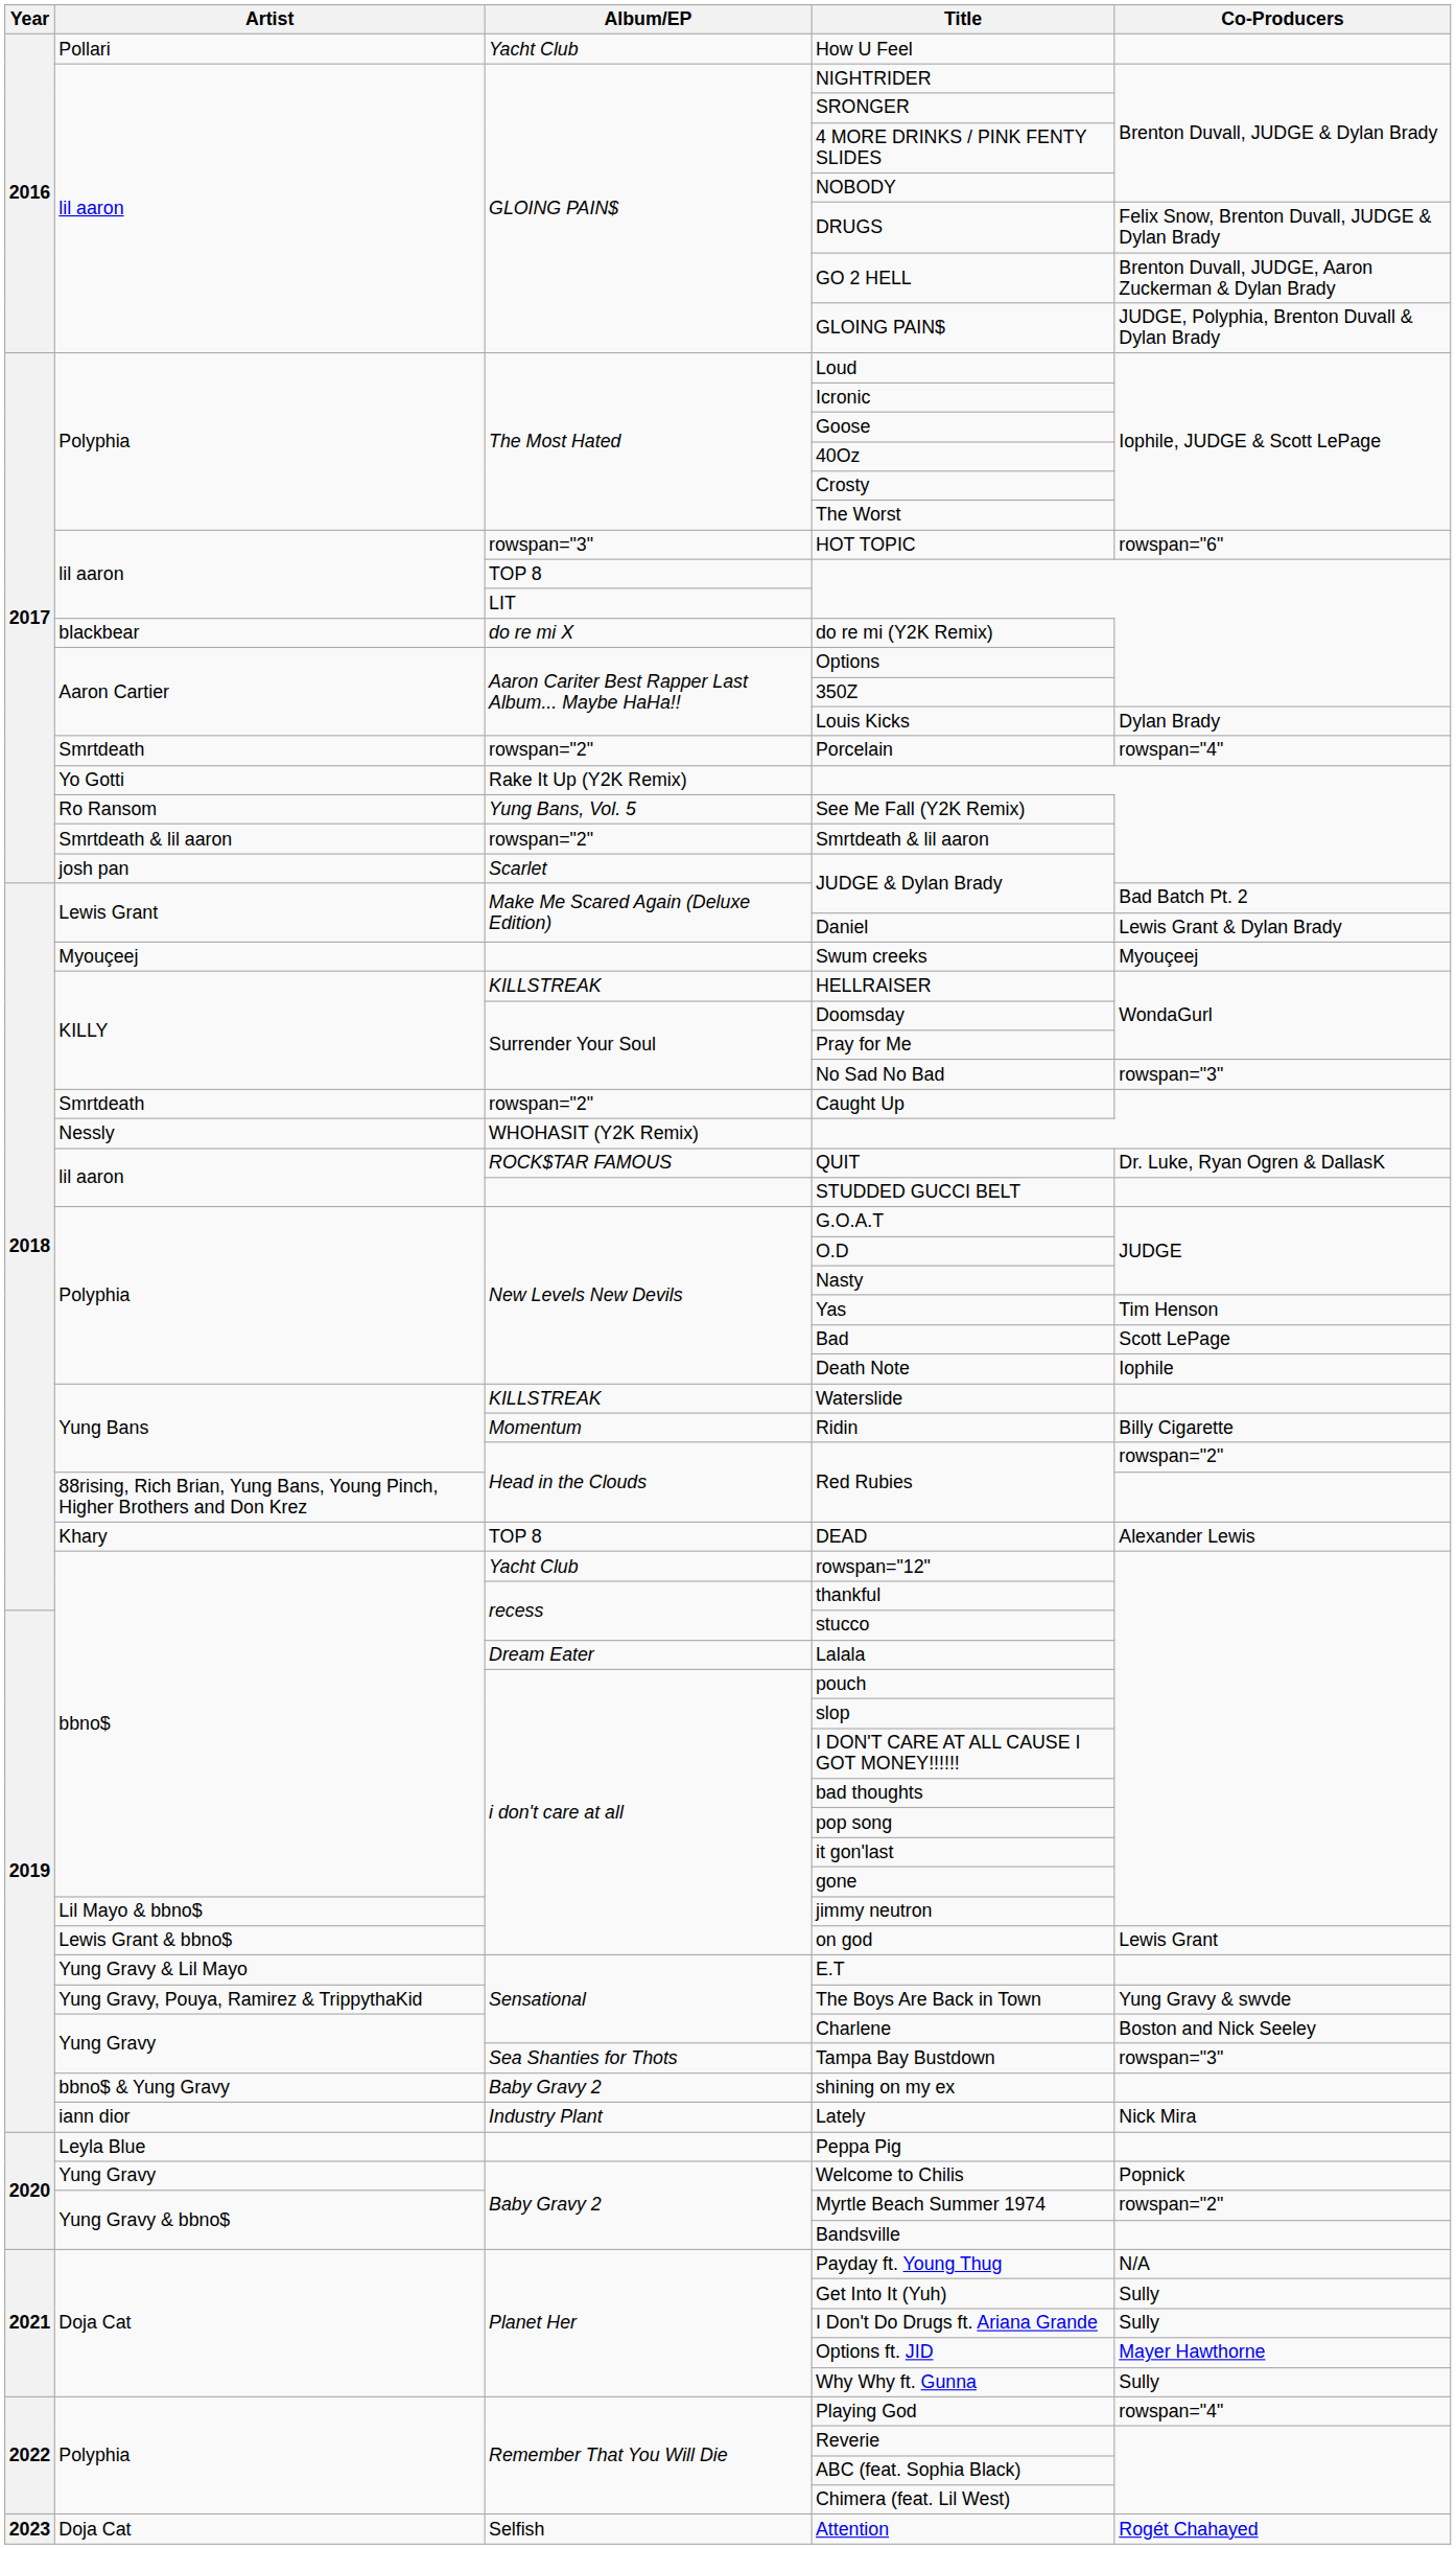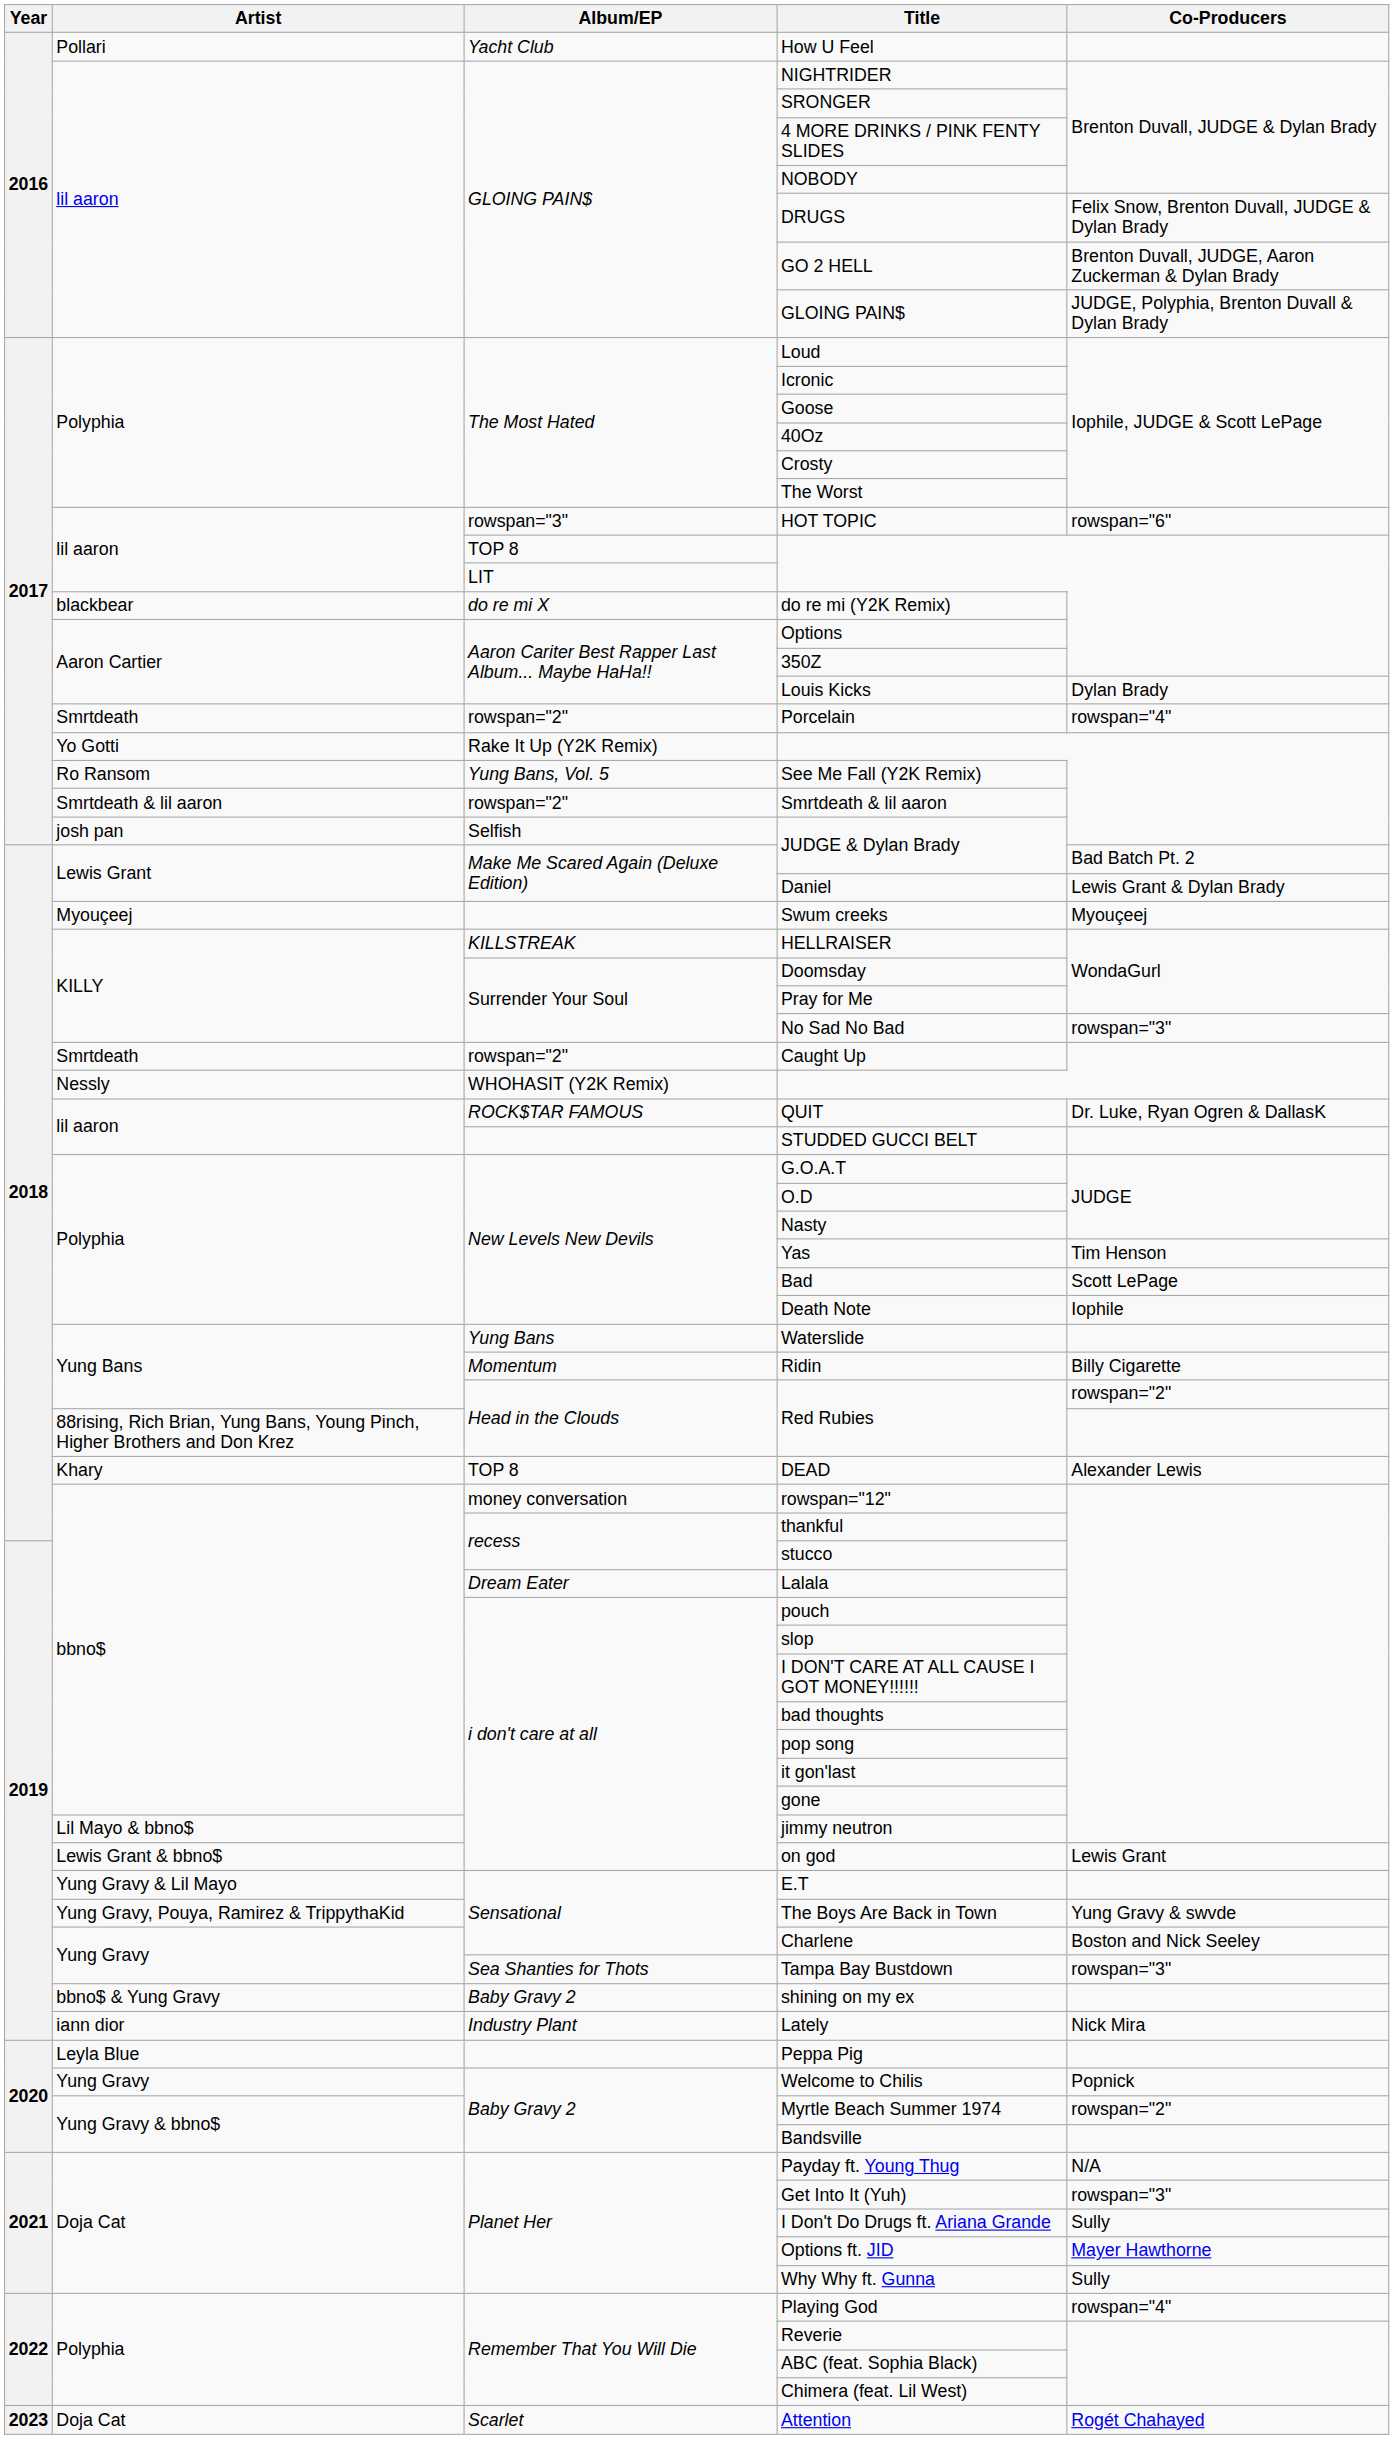 <table class="wikitable plainrowheaders">
 <tr>
 <th>Year</th>
 <th>Artist</th>
 <th>Album/EP</th>
 <th>Title</th>
 <th>Co-Producers</th>
 </tr>
 <tr>
 <th rowspan="8" scope="row">2016</th>
 <td>Pollari</td>
 <td><em>Yacht Club</em></td>
 <td>How U Feel</td>
 <td></td>
 </tr>
 <tr>
 <td rowspan="7"><a href='#'>lil aaron</a></td>
 <td rowspan="7"><em>GLOING PAIN$</em></td>
 <td>NIGHTRIDER</td>
 <td rowspan="4">Brenton Duvall, JUDGE & Dylan Brady</td>
 </tr>
 <tr>
 <td>SRONGER</td>
 </tr>
 <tr>
 <td>4 MORE DRINKS / PINK FENTY SLIDES</td>
 </tr>
 <tr>
 <td>NOBODY</td>
 </tr>
 <tr>
 <td>DRUGS</td>
 <td>Felix Snow, Brenton Duvall, JUDGE & Dylan Brady</td>
 </tr>
 <tr>
 <td>GO 2 HELL</td>
 <td>Brenton Duvall, JUDGE, Aaron Zuckerman & Dylan Brady</td>
 </tr>
 <tr>
 <td>GLOING PAIN$</td>
 <td>JUDGE, Polyphia, Brenton Duvall & Dylan Brady</td>
 </tr>
 <tr>
 <th rowspan="18" scope="row">2017</th>
 <td rowspan="6">Polyphia</td>
 <td rowspan="6"><em>The Most Hated</em></td>
 <td>Loud</td>
 <td rowspan="6">Iophile, JUDGE & Scott LePage</td>
 </tr>
 <tr>
 <td>Icronic</td>
 </tr>
 <tr>
 <td>Goose</td>
 </tr>
 <tr>
 <td>40Oz</td>
 </tr>
 <tr>
 <td>Crosty</td>
 </tr>
 <tr>
 <td>The Worst</td>
 </tr>
 <tr>
 <td rowspan="3">lil aaron</td>
 <td>rowspan="3" </td>
 <td>HOT TOPIC</td>
 <td>rowspan="6" </td>
 </tr>
 <tr>
 <td>TOP 8</td>
 </tr>
 <tr>
 <td>LIT</td>
 </tr>
 <tr>
 <td>blackbear</td>
 <td><em>do re mi X</em></td>
 <td>do re mi (Y2K Remix)</td>
 </tr>
 <tr>
 <td rowspan="3">Aaron Cartier</td>
 <td rowspan="3"><em>Aaron Cariter Best Rapper Last Album... Maybe HaHa!!</em></td>
 <td>Options</td>
 </tr>
 <tr>
 <td>350Z</td>
 </tr>
 <tr>
 <td>Louis Kicks</td>
 <td>Dylan Brady</td>
 </tr>
 <tr>
 <td>Smrtdeath</td>
 <td>rowspan="2" </td>
 <td>Porcelain</td>
 <td>rowspan="4" </td>
 </tr>
 <tr>
 <td>Yo Gotti</td>
 <td>Rake It Up (Y2K Remix)</td>
 </tr>
 <tr>
 <td>Ro Ransom</td>
 <td><em>Yung Bans, Vol. 5</em></td>
 <td>See Me Fall (Y2K Remix)</td>
 </tr>
 <tr>
 <td>Smrtdeath & lil aaron</td>
 <td>rowspan="2" </td>
 <td>Smrtdeath & lil aaron</td>
 </tr>
 <tr>
 <td>josh pan</td>
-<td><em>Scarlet</em></td>
+<td>Selfish</td>
 <td rowspan="2">JUDGE & Dylan Brady</td>
 </tr>
 <tr>
 <th rowspan="24" scope="row">2018</th>
 <td rowspan="2">Lewis Grant</td>
 <td rowspan="2"><em>Make Me Scared Again (Deluxe Edition)</em></td>
 <td>Bad Batch Pt. 2</td>
 </tr>
 <tr>
 <td>Daniel</td>
 <td>Lewis Grant & Dylan Brady</td>
 </tr>
 <tr>
 <td>Myouçeej</td>
 <td></td>
 <td>Swum creeks</td>
 <td>Myouçeej</td>
 </tr>
 <tr>
 <td rowspan="4">KILLY</td>
 <td><em>KILLSTREAK</em></td>
 <td>HELLRAISER</td>
 <td rowspan="3">WondaGurl</td>
 </tr>
 <tr>
 <td rowspan="3">Surrender Your Soul</td>
 <td>Doomsday</td>
 </tr>
 <tr>
 <td>Pray for Me</td>
 </tr>
 <tr>
 <td>No Sad No Bad</td>
 <td>rowspan="3" </td>
 </tr>
 <tr>
 <td>Smrtdeath</td>
 <td>rowspan="2" </td>
 <td>Caught Up</td>
 </tr>
 <tr>
 <td>Nessly</td>
 <td>WHOHASIT (Y2K Remix)</td>
 </tr>
 <tr>
 <td rowspan="2">lil aaron</td>
 <td><em>ROCK$TAR FAMOUS</em></td>
 <td>QUIT</td>
 <td>Dr. Luke, Ryan Ogren & DallasK</td>
 </tr>
 <tr>
 <td></td>
 <td>STUDDED GUCCI BELT</td>
 <td></td>
 </tr>
 <tr>
 <td rowspan="6">Polyphia</td>
 <td rowspan="6"><em>New Levels New Devils</em></td>
 <td>G.O.A.T</td>
 <td rowspan="3">JUDGE</td>
 </tr>
 <tr>
 <td>O.D</td>
 </tr>
 <tr>
 <td>Nasty</td>
 </tr>
 <tr>
 <td>Yas</td>
 <td>Tim Henson</td>
 </tr>
 <tr>
 <td>Bad</td>
 <td>Scott LePage</td>
 </tr>
 <tr>
 <td>Death Note</td>
 <td>Iophile</td>
 </tr>
 <tr>
 <td rowspan="3">Yung Bans</td>
-<td><em>KILLSTREAK</em></td>
+<td><em>Yung Bans</em></td>
 <td>Waterslide</td>
 <td></td>
 </tr>
 <tr>
 <td><em>Momentum</em></td>
 <td>Ridin</td>
 <td>Billy Cigarette</td>
 </tr>
 <tr>
 <td rowspan="2"><em>Head in the Clouds</em></td>
 <td rowspan="2">Red Rubies</td>
 <td>rowspan="2" </td>
 </tr>
 <tr>
 <td>88rising, Rich Brian, Yung Bans, Young Pinch, Higher Brothers and Don Krez</td>
 </tr>
 <tr>
 <td>Khary</td>
 <td>TOP 8</td>
 <td>DEAD</td>
 <td>Alexander Lewis</td>
 </tr>
 <tr>
 <td rowspan="11">bbno$</td>
-<td><em>Yacht Club</em></td>
+<td>money conversation</td>
 <td>rowspan="12" </td>
 </tr>
 <tr>
 <td rowspan="2"><em>recess</em></td>
 <td>thankful</td>
 </tr>
 <tr>
 <th rowspan="18" scope="row">2019</th>
 <td>stucco</td>
 </tr>
 <tr>
 <td><em>Dream Eater</em></td>
 <td>Lalala</td>
 </tr>
 <tr>
 <td rowspan="9"><em>i don't care at all</em></td>
 <td>pouch</td>
 </tr>
 <tr>
 <td>slop</td>
 </tr>
 <tr>
 <td>I DON'T CARE AT ALL CAUSE I GOT MONEY!!!!!!</td>
 </tr>
 <tr>
 <td>bad thoughts</td>
 </tr>
 <tr>
 <td>pop song</td>
 </tr>
 <tr>
 <td>it gon'last</td>
 </tr>
 <tr>
 <td>gone</td>
 </tr>
 <tr>
 <td>Lil Mayo & bbno$</td>
 <td>jimmy neutron</td>
 </tr>
 <tr>
 <td>Lewis Grant & bbno$</td>
 <td>on god</td>
 <td>Lewis Grant</td>
 </tr>
 <tr>
 <td>Yung Gravy & Lil Mayo</td>
 <td rowspan="3"><em>Sensational</em></td>
 <td>E.T</td>
 <td></td>
 </tr>
 <tr>
 <td>Yung Gravy, Pouya, Ramirez & TrippythaKid</td>
 <td>The Boys Are Back in Town</td>
 <td>Yung Gravy & swvde</td>
 </tr>
 <tr>
 <td rowspan="3">Yung Gravy</td>
 <td>Charlene</td>
 <td>Boston and Nick Seeley</td>
 </tr>
 <tr>
 <td><em>Sea Shanties for Thots</em></td>
 <td>Tampa Bay Bustdown</td>
 <td>rowspan="3" </td>
 </tr>
 <tr>
 <td rowspan="2"><em>Baby Gravy 2</em></td>
 <td rowspan="2">shining on my ex</td>
 </tr>
 <tr>
 <td>bbno$ & Yung Gravy</td>
 </tr>
 <tr>
 <td>iann dior</td>
 <td><em>Industry Plant</em></td>
 <td>Lately</td>
 <td>Nick Mira</td>
 </tr>
 <tr>
 <th rowspan="4" scope="row">2020</th>
 <td>Leyla Blue</td>
 <td></td>
 <td>Peppa Pig</td>
 <td></td>
 </tr>
 <tr>
 <td>Yung Gravy</td>
 <td rowspan="3"><em>Baby Gravy 2</em></td>
 <td>Welcome to Chilis</td>
 <td>Popnick</td>
 </tr>
 <tr>
 <td rowspan="2">Yung Gravy & bbno$</td>
 <td>Myrtle Beach Summer 1974</td>
 <td>rowspan="2" </td>
 </tr>
 <tr>
 <td>Bandsville</td>
 </tr>
 <tr>
 <th rowspan="5" scope="row">2021</th>
 <td rowspan="5">Doja Cat</td>
 <td rowspan="5"><em>Planet Her</em></td>
 <td>Payday ft. <a href='#'>Young Thug</a></td>
 <td>N/A</td>
 </tr>
 <tr>
 <td>Get Into It (Yuh)</td>
-<td>Sully</td>
+<td>rowspan="3" </td>
 </tr>
 <tr>
 <td>I Don't Do Drugs ft. <a href='#'>Ariana Grande</a></td>
 <td>Sully</td>
 </tr>
 <tr>
 <td>Options ft. <a href='#'>JID</a></td>
 <td><a href='#'>Mayer Hawthorne</a></td>
 </tr>
 <tr>
 <td>Why Why ft. <a href='#'>Gunna</a></td>
 <td>Sully</td>
 </tr>
 <tr>
 <th rowspan="4" scope="row">2022</th>
 <td rowspan="4">Polyphia</td>
 <td rowspan="4"><em>Remember That You Will Die</em></td>
 <td>Playing God</td>
 <td>rowspan="4" </td>
 </tr>
 <tr>
 <td>Reverie</td>
 </tr>
 <tr>
 <td>ABC (feat. Sophia Black)</td>
 </tr>
 <tr>
 <td>Chimera (feat. Lil West)</td>
 </tr>
 <tr>
 <th>2023</th>
 <td>Doja Cat</td>
-<td>Selfish</td>
+<td><em>Scarlet</em></td>
 <td><a href='#'>Attention</a></td>
 <td><a href='#'>Rogét Chahayed</a></td>
 </tr>
 </table>
